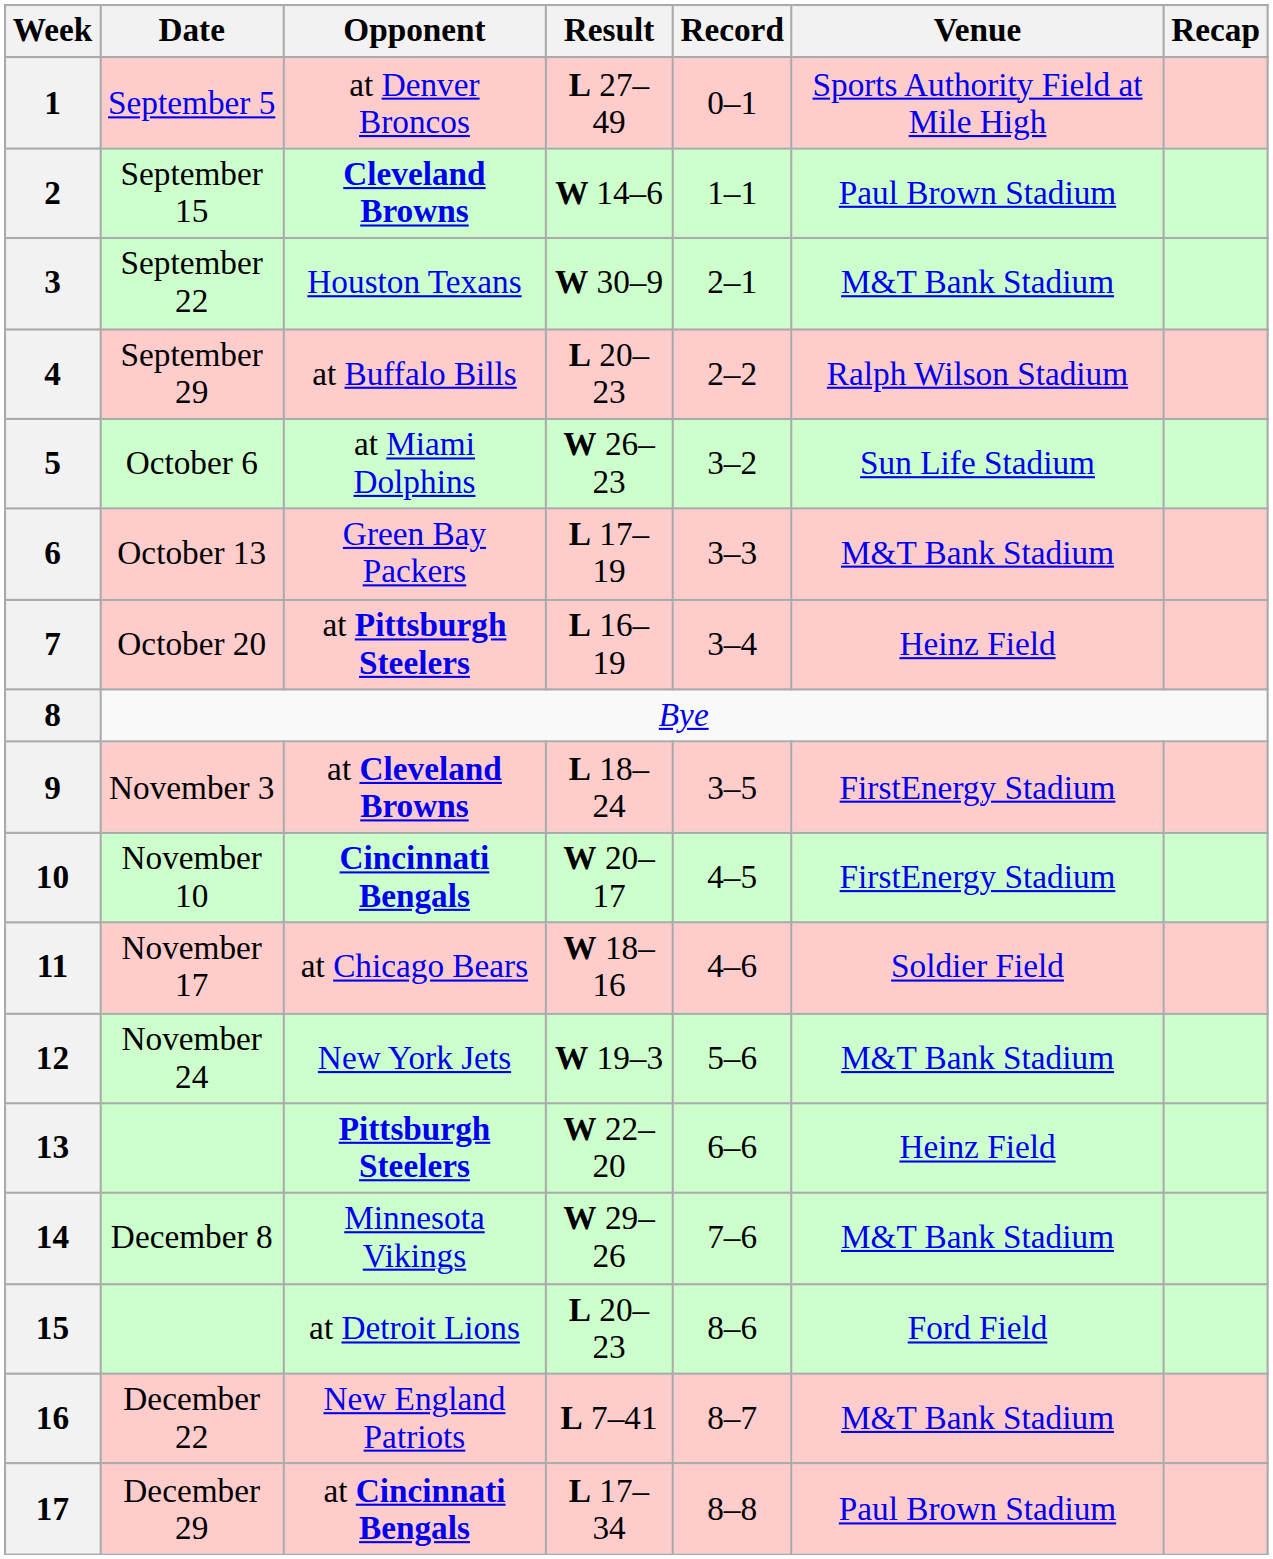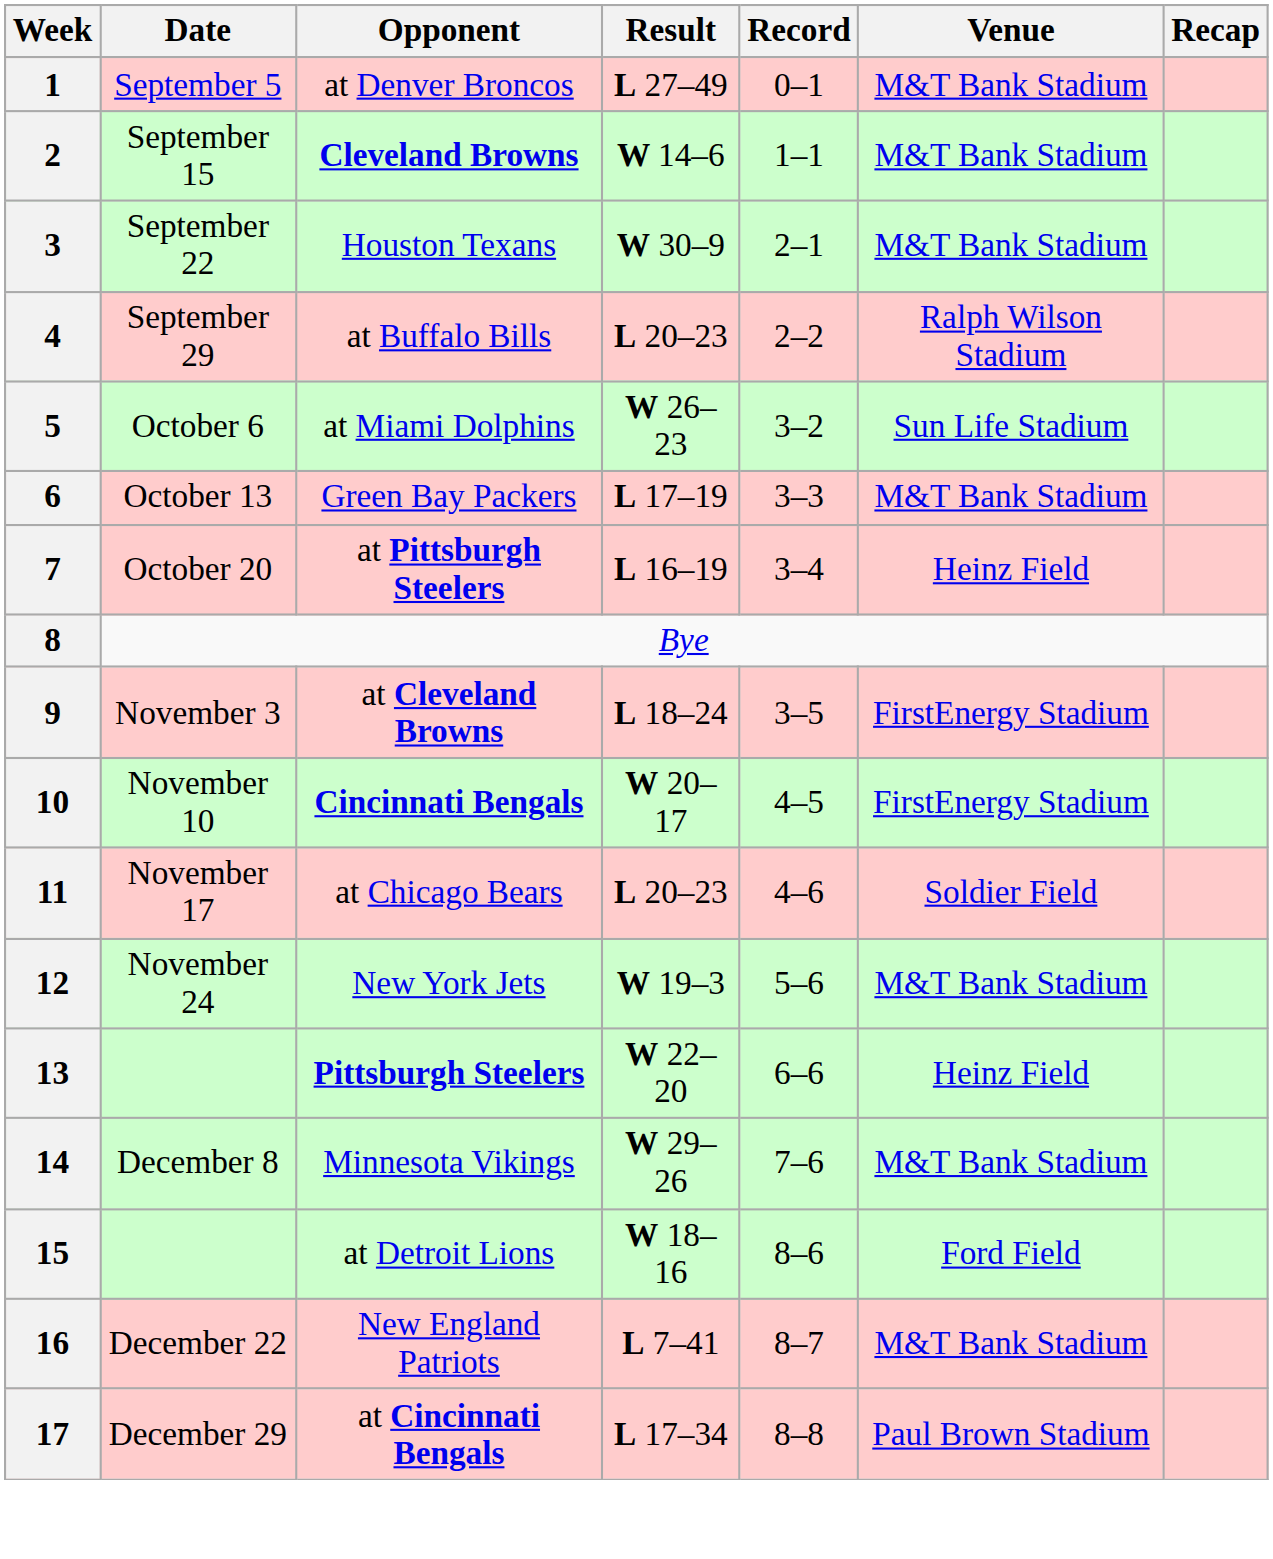 <table class="wikitable" style="text-align:center">
 <tr>
 <th>Week</th>
 <th>Date</th>
 <th>Opponent</th>
 <th>Result</th>
 <th>Record</th>
 <th>Venue</th>
 <th>Recap</th>
 </tr>
 <tr style="background:#fcc">
 <th>1</th>
 <td><a href='#'>September 5</a></td>
 <td>at <a href='#'>Denver Broncos</a></td>
 <td><strong>L</strong> 27–49</td>
 <td>0–1</td>
-<td><a href='#'>Sports Authority Field at Mile High</a></td>
+<td><a href='#'>M&T Bank Stadium</a></td>
 <td></td>
 </tr>
 <tr style="background:#cfc">
 <th>2</th>
 <td>September 15</td>
 <td><strong><a href='#'>Cleveland Browns</a></strong></td>
 <td><strong>W </strong> 14–6</td>
 <td>1–1</td>
-<td><a href='#'>Paul Brown Stadium</a></td>
+<td><a href='#'>M&T Bank Stadium</a></td>
 <td></td>
 </tr>
 <tr style="background:#cfc">
 <th>3</th>
 <td>September 22</td>
 <td><a href='#'>Houston Texans</a></td>
 <td><strong>W</strong> 30–9</td>
 <td>2–1</td>
 <td><a href='#'>M&T Bank Stadium</a></td>
 <td></td>
 </tr>
 <tr style="background:#fcc">
 <th>4</th>
 <td>September 29</td>
 <td>at <a href='#'>Buffalo Bills</a></td>
 <td><strong>L</strong> 20–23</td>
 <td>2–2</td>
 <td><a href='#'>Ralph Wilson Stadium</a></td>
 <td></td>
 </tr>
 <tr style="background:#cfc">
 <th>5</th>
 <td>October 6</td>
 <td>at <a href='#'>Miami Dolphins</a></td>
 <td><strong>W</strong> 26–23</td>
 <td>3–2</td>
 <td><a href='#'>Sun Life Stadium</a></td>
 <td></td>
 </tr>
 <tr style="background:#fcc">
 <th>6</th>
 <td>October 13</td>
 <td><a href='#'>Green Bay Packers</a></td>
 <td><strong>L</strong> 17–19</td>
 <td>3–3</td>
 <td><a href='#'>M&T Bank Stadium</a></td>
 <td></td>
 </tr>
 <tr style="background:#fcc">
 <th>7</th>
 <td>October 20</td>
 <td>at <strong><a href='#'>Pittsburgh Steelers</a></strong></td>
 <td><strong>L</strong> 16–19</td>
 <td>3–4</td>
 <td><a href='#'>Heinz Field</a></td>
 <td></td>
 </tr>
 <tr>
 <th>8</th>
 <td colspan="6"><em><a href='#'>Bye</a></em></td>
 </tr>
 <tr style="background:#fcc">
 <th>9</th>
 <td>November 3</td>
 <td>at <strong><a href='#'>Cleveland Browns</a></strong></td>
 <td><strong>L</strong> 18–24</td>
 <td>3–5</td>
 <td><a href='#'>FirstEnergy Stadium</a></td>
 <td></td>
 </tr>
 <tr style="background:#cfc">
 <th>10</th>
 <td>November 10</td>
 <td><strong><a href='#'>Cincinnati Bengals</a></strong></td>
 <td><strong>W</strong> 20–17 </td>
 <td>4–5</td>
 <td><a href='#'>FirstEnergy Stadium</a></td>
 <td></td>
 </tr>
 <tr style="background:#fcc">
 <th>11</th>
 <td>November 17</td>
 <td>at <a href='#'>Chicago Bears</a></td>
-<td><strong>W</strong> 18–16</td>
+<td><strong>L</strong> 20–23 </td>
 <td>4–6</td>
 <td><a href='#'>Soldier Field</a></td>
 <td></td>
 </tr>
 <tr style="background:#cfc">
 <th>12</th>
 <td>November 24</td>
 <td><a href='#'>New York Jets</a></td>
 <td><strong>W</strong> 19–3</td>
 <td>5–6</td>
 <td><a href='#'>M&T Bank Stadium</a></td>
 <td></td>
 </tr>
 <tr style="background:#cfc">
 <th>13</th>
 <td><a href='#'></a></td>
 <td><strong><a href='#'>Pittsburgh Steelers</a></strong></td>
 <td><strong>W</strong> 22–20</td>
 <td>6–6</td>
 <td><a href='#'>Heinz Field</a></td>
 <td></td>
 </tr>
 <tr style="background:#cfc">
 <th>14</th>
 <td>December 8</td>
 <td><a href='#'>Minnesota Vikings</a></td>
 <td><strong>W</strong> 29–26</td>
 <td>7–6</td>
 <td><a href='#'>M&T Bank Stadium</a></td>
 <td></td>
 </tr>
 <tr style="background:#cfc">
 <th>15</th>
 <td></td>
 <td>at <a href='#'>Detroit Lions</a></td>
-<td><strong>L</strong> 20–23 </td>
+<td><strong>W</strong> 18–16</td>
 <td>8–6</td>
 <td><a href='#'>Ford Field</a></td>
 <td></td>
 </tr>
 <tr style="background:#fcc">
 <th>16</th>
 <td>December 22</td>
 <td><a href='#'>New England Patriots</a></td>
 <td><strong>L</strong> 7–41</td>
 <td>8–7</td>
 <td><a href='#'>M&T Bank Stadium</a></td>
 <td></td>
 </tr>
 <tr style="background:#fcc">
 <th>17</th>
 <td>December 29</td>
 <td>at <strong><a href='#'>Cincinnati Bengals</a></strong></td>
 <td><strong>L</strong> 17–34</td>
 <td>8–8</td>
 <td><a href='#'>Paul Brown Stadium</a></td>
 <td></td>
 </tr>
 </table>
